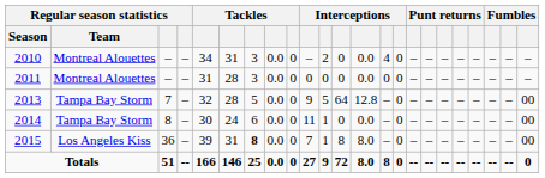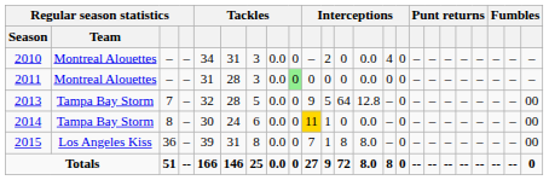 <table class="wikitable" style="text-align:center;">
 <tr>
 <th colspan="4">Regular season statistics</th>
 <th colspan="5">Tackles</th>
 <th colspan="6">Interceptions</th>
 <th colspan="5">Punt returns</th>
 <th colspan="3">Fumbles</th>
 </tr>
 <tr>
 <th>Season</th>
 <th>Team</th>
 <th></th>
 <th></th>
 <th></th>
 <th></th>
 <th></th>
 <th></th>
 <th></th>
 <th></th>
 <th></th>
 <th></th>
 <th></th>
 <th></th>
 <th></th>
 <th></th>
 <th></th>
 <th></th>
 <th></th>
 <th></th>
 <th></th>
 <th></th>
 <th></th>
 </tr>
 <tr>
 <td><a href='#'>2010</a></td>
 <td><a href='#'>Montreal Alouettes</a></td>
 <td>–</td>
 <td>–</td>
 <td>34</td>
 <td>31</td>
 <td>3</td>
 <td>0.0</td>
 <td>0</td>
 <td>–</td>
 <td>2</td>
 <td>0</td>
 <td>0.0</td>
 <td>4</td>
 <td>0</td>
 <td>–</td>
 <td>–</td>
 <td>–</td>
 <td>–</td>
 <td>–</td>
 <td>–</td>
 <td>–</td>
 <td>–</td>
 </tr>
 <tr>
 <td><a href='#'>2011</a></td>
 <td><a href='#'>Montreal Alouettes</a></td>
 <td>–</td>
 <td>–</td>
 <td>31</td>
 <td>28</td>
 <td>3</td>
 <td>0.0</td>
-<td>0</td>
+<td style="background: lightgreen;">0</td>
 <td>0</td>
 <td>0</td>
 <td>0</td>
 <td>0.0</td>
 <td>0</td>
 <td>0</td>
 <td>–</td>
 <td>–</td>
 <td>–</td>
 <td>–</td>
 <td>–</td>
 <td>–</td>
 <td>–</td>
 <td>–</td>
 </tr>
 <tr>
 <td><a href='#'>2013</a></td>
 <td><a href='#'>Tampa Bay Storm</a></td>
 <td>7</td>
 <td>–</td>
 <td>32</td>
 <td>28</td>
 <td>5</td>
 <td>0.0</td>
 <td>0</td>
 <td>9</td>
 <td>5</td>
 <td>64</td>
 <td>12.8</td>
 <td>–</td>
 <td>0</td>
 <td>–</td>
 <td>–</td>
 <td>–</td>
 <td>–</td>
 <td>–</td>
 <td>–</td>
 <td>–</td>
 <td>00</td>
 </tr>
 <tr>
 <td><a href='#'>2014</a></td>
 <td><a href='#'>Tampa Bay Storm</a></td>
 <td>8</td>
 <td>–</td>
 <td>30</td>
 <td>24</td>
 <td>6</td>
 <td>0.0</td>
 <td>0</td>
-<td>11</td>
+<td style="background: gold;">11</td>
 <td>1</td>
 <td>0</td>
 <td>0.0</td>
 <td>–</td>
 <td>0</td>
 <td>–</td>
 <td>–</td>
 <td>–</td>
 <td>–</td>
 <td>–</td>
 <td>–</td>
 <td>–</td>
 <td>00</td>
 </tr>
 <tr>
 <td><a href='#'>2015</a></td>
 <td><a href='#'>Los Angeles Kiss</a></td>
 <td>36</td>
 <td>–</td>
 <td>39</td>
 <td>31</td>
-<td><strong>8</strong></td>
+<td>8</td>
 <td>0.0</td>
 <td>0</td>
 <td>7</td>
 <td>1</td>
 <td>8</td>
 <td>8.0</td>
 <td>–</td>
 <td>0</td>
 <td>–</td>
 <td>–</td>
 <td>–</td>
 <td>–</td>
 <td>–</td>
 <td>–</td>
 <td>–</td>
 <td>00</td>
 </tr>
 <tr>
 <td colspan="2"><strong>Totals</strong></td>
 <td><strong>51</strong></td>
 <td><strong>--</strong></td>
 <td><strong>166</strong></td>
 <td><strong>146</strong></td>
 <td><strong>25</strong></td>
 <td><strong>0.0</strong></td>
 <td><strong>0</strong></td>
 <td><strong>27</strong></td>
 <td><strong>9</strong></td>
 <td><strong>72</strong></td>
 <td><strong>8.0</strong></td>
 <td><strong>8</strong></td>
 <td><strong>0</strong></td>
 <td><strong>--</strong></td>
 <td><strong>--</strong></td>
 <td><strong>--</strong></td>
 <td><strong>--</strong></td>
 <td><strong>--</strong></td>
 <td><strong>--</strong></td>
 <td><strong>--</strong></td>
 <td><strong>0</strong></td>
 </tr>
 </table>
